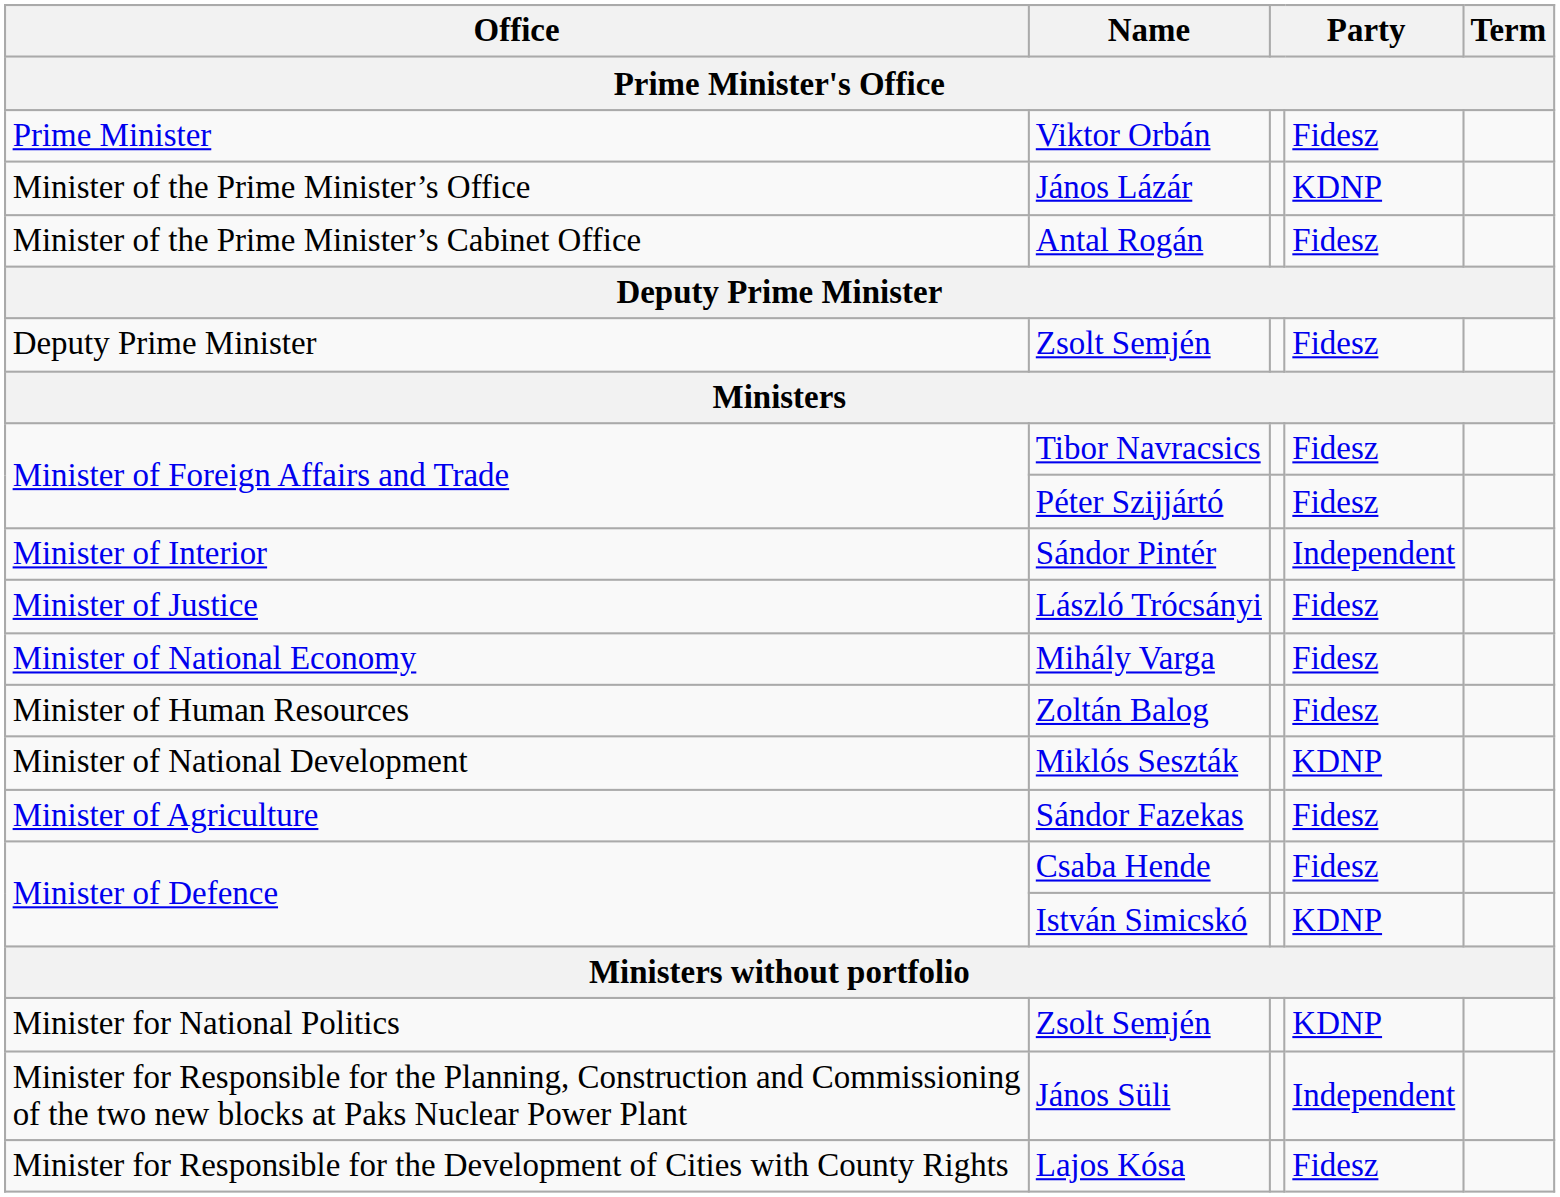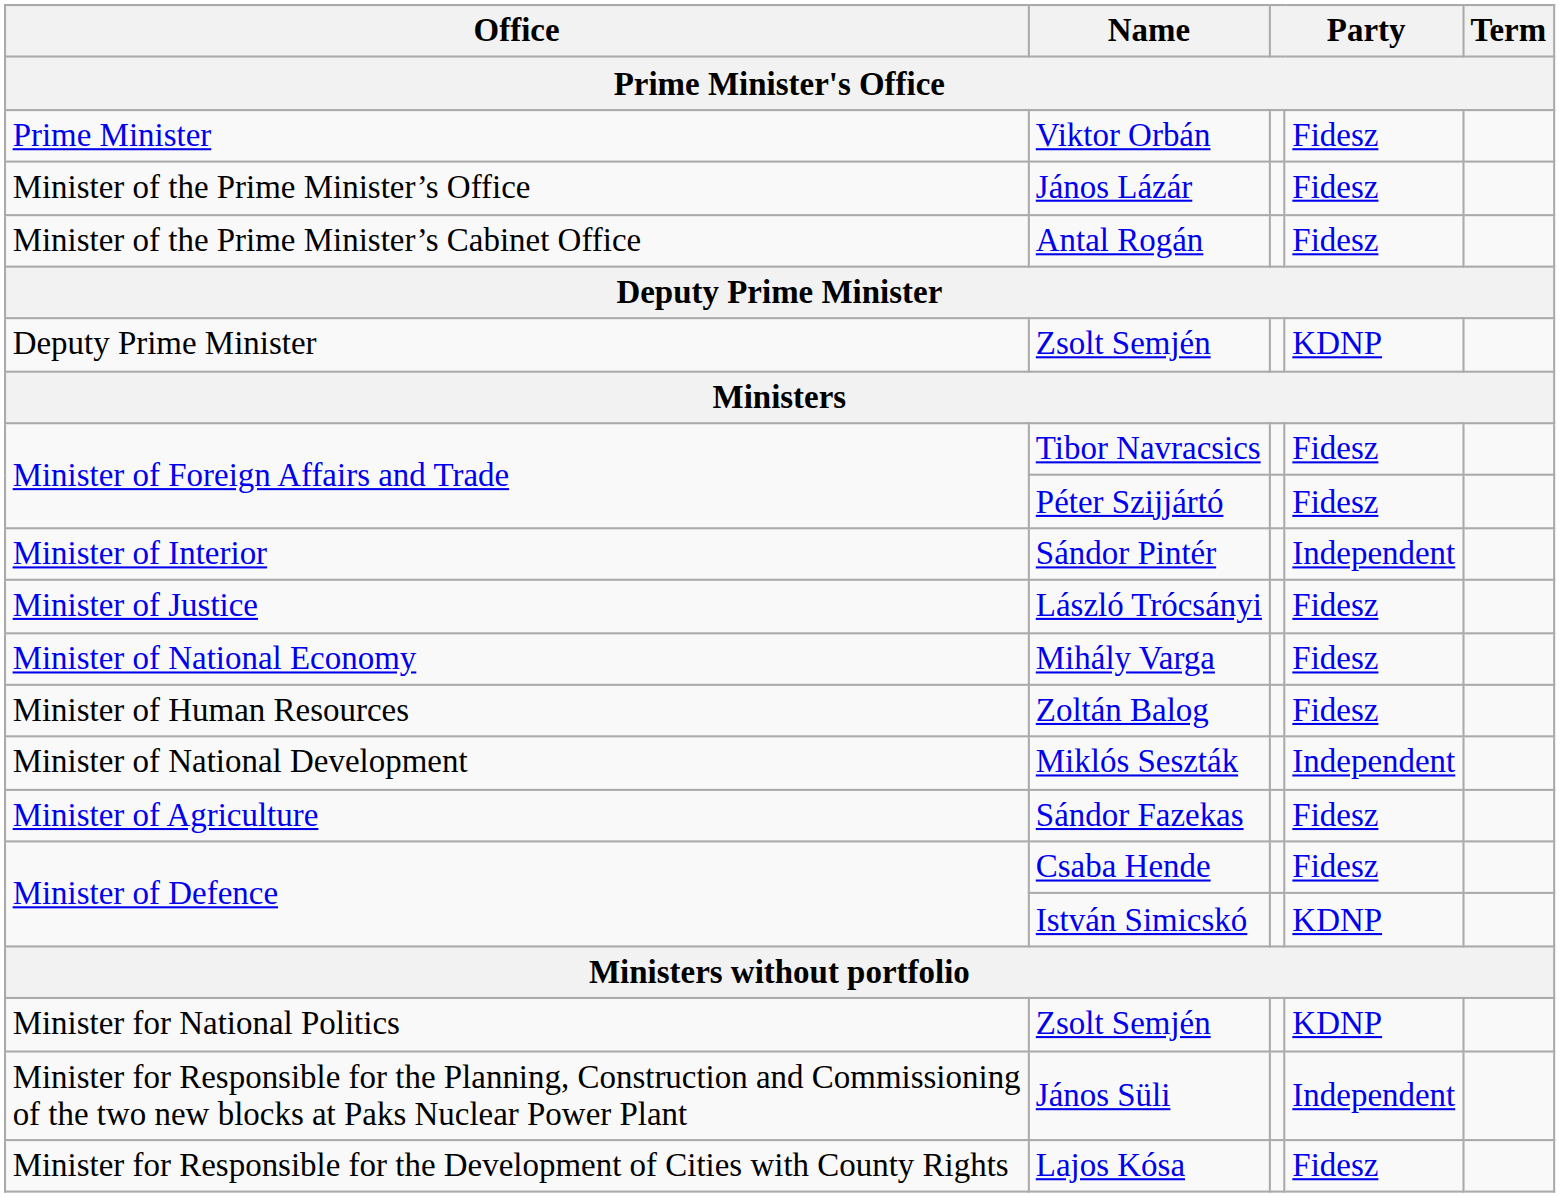 <table class="wikitable" style="font-size: 100%;">
 <tr>
 <th>Office</th>
 <th>Name</th>
 <th colspan=2>Party</th>
 <th>Term</th>
 </tr>
 <tr>
 <th colspan="5" style="text-align: center;">Prime Minister's Office</th>
 </tr>
 <tr>
 <td><a href='#'>Prime Minister</a></td>
 <td><a href='#'>Viktor Orbán</a></td>
 <td style="color:inherit;background:"></td>
 <td><a href='#'>Fidesz</a></td>
 <td></td>
 </tr>
 <tr>
 <td>Minister of the Prime Minister’s Office</td>
 <td><a href='#'>János Lázár</a></td>
 <td style="color:inherit;background:"></td>
-<td><a href='#'>KDNP</a></td>
+<td><a href='#'>Fidesz</a></td>
 <td></td>
 </tr>
 <tr>
 <td>Minister of the Prime Minister’s Cabinet Office</td>
 <td><a href='#'>Antal Rogán</a></td>
 <td style="color:inherit;background:"></td>
 <td><a href='#'>Fidesz</a></td>
 <td></td>
 </tr>
 <tr>
 <th colspan="5" style="text-align: center;">Deputy Prime Minister</th>
 </tr>
 <tr>
 <td>Deputy Prime Minister</td>
 <td><a href='#'>Zsolt Semjén</a></td>
 <td style="color:inherit;background:"></td>
-<td><a href='#'>Fidesz</a></td>
+<td><a href='#'>KDNP</a></td>
 <td></td>
 </tr>
 <tr>
 <th colspan="5" style="text-align: center;">Ministers</th>
 </tr>
 <tr>
 <td rowspan=2><a href='#'>Minister of Foreign Affairs and Trade</a></td>
 <td><a href='#'>Tibor Navracsics</a></td>
 <td style="color:inherit;background:"></td>
 <td><a href='#'>Fidesz</a></td>
 <td></td>
 </tr>
 <tr>
 <td><a href='#'>Péter Szijjártó</a></td>
 <td style="color:inherit;background:"></td>
 <td><a href='#'>Fidesz</a></td>
 <td></td>
 </tr>
 <tr>
 <td><a href='#'>Minister of Interior</a></td>
 <td><a href='#'>Sándor Pintér</a></td>
 <td style="color:inherit;background:"></td>
 <td><a href='#'>Independent</a></td>
 <td></td>
 </tr>
 <tr>
 <td><a href='#'>Minister of Justice</a></td>
 <td><a href='#'>László Trócsányi</a></td>
 <td style="color:inherit;background:"></td>
 <td><a href='#'>Fidesz</a></td>
 <td></td>
 </tr>
 <tr>
 <td><a href='#'>Minister of National Economy</a></td>
 <td><a href='#'>Mihály Varga</a></td>
 <td style="color:inherit;background:"></td>
 <td><a href='#'>Fidesz</a></td>
 <td></td>
 </tr>
 <tr>
 <td>Minister of Human Resources</td>
 <td><a href='#'>Zoltán Balog</a></td>
 <td style="color:inherit;background:"></td>
 <td><a href='#'>Fidesz</a></td>
 <td></td>
 </tr>
 <tr>
 <td>Minister of National Development</td>
 <td><a href='#'>Miklós Seszták</a></td>
 <td style="color:inherit;background:"></td>
-<td><a href='#'>KDNP</a></td>
+<td><a href='#'>Independent</a></td>
 <td></td>
 </tr>
 <tr>
 <td><a href='#'>Minister of Agriculture</a></td>
 <td><a href='#'>Sándor Fazekas</a></td>
 <td style="color:inherit;background:"></td>
 <td><a href='#'>Fidesz</a></td>
 <td></td>
 </tr>
 <tr>
 <td rowspan=2><a href='#'>Minister of Defence</a></td>
 <td><a href='#'>Csaba Hende</a></td>
 <td style="color:inherit;background:"></td>
 <td><a href='#'>Fidesz</a></td>
 <td></td>
 </tr>
 <tr>
 <td><a href='#'>István Simicskó</a></td>
 <td style="color:inherit;background:"></td>
 <td><a href='#'>KDNP</a></td>
 <td></td>
 </tr>
 <tr>
 <th colspan="5" style="text-align: center;">Ministers without portfolio</th>
 </tr>
 <tr>
 <td>Minister for National Politics</td>
 <td><a href='#'>Zsolt Semjén</a></td>
 <td style="color:inherit;background:"></td>
 <td><a href='#'>KDNP</a></td>
 <td></td>
 </tr>
 <tr>
 <td>Minister for Responsible for the Planning, Construction and Commissioning<br>of the two new blocks at Paks Nuclear Power Plant</td>
 <td><a href='#'>János Süli</a></td>
 <td style="color:inherit;background:"></td>
 <td><a href='#'>Independent</a></td>
 <td></td>
 </tr>
 <tr>
 <td>Minister for Responsible for the Development of Cities with County Rights</td>
 <td><a href='#'>Lajos Kósa</a></td>
 <td style="color:inherit;background:"></td>
 <td><a href='#'>Fidesz</a></td>
 <td></td>
 </tr>
 </table>
